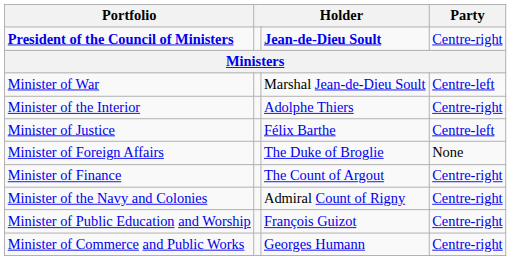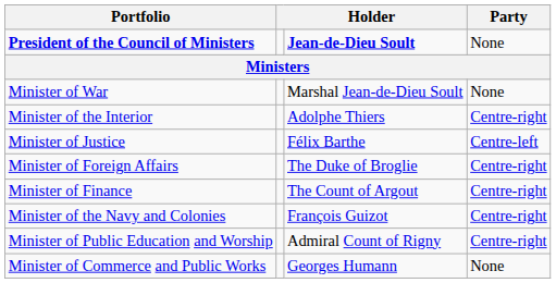 <table class="wikitable">
 <tr>
 <th>Portfolio</th>
 <th colspan=2>Holder</th>
 <th>Party</th>
 </tr>
 <tr>
 <td><strong><a href='#'>President of the Council of Ministers</a></strong></td>
 <td style="background:"></td>
 <td><strong><a href='#'>Jean-de-Dieu Soult</a></strong></td>
-<td><a href='#'>Centre-right</a></td>
+<td>None</td>
 </tr>
 <tr>
 <th colspan=4 align=center><a href='#'>Ministers</a></th>
 </tr>
 <tr>
 <td><a href='#'>Minister of War</a></td>
 <td style="background:"></td>
 <td>Marshal <a href='#'>Jean-de-Dieu Soult</a></td>
-<td><a href='#'>Centre-left</a></td>
+<td>None</td>
 </tr>
 <tr>
 <td><a href='#'>Minister of the Interior</a></td>
 <td style="background:"></td>
 <td><a href='#'>Adolphe Thiers</a></td>
 <td><a href='#'>Centre-right</a></td>
 </tr>
 <tr>
 <td><a href='#'>Minister of Justice</a></td>
 <td style="background:"></td>
 <td><a href='#'>Félix Barthe</a></td>
 <td><a href='#'>Centre-left</a></td>
 </tr>
 <tr>
 <td><a href='#'>Minister of Foreign Affairs</a></td>
 <td style="background:"></td>
 <td><a href='#'>The Duke of Broglie</a></td>
-<td>None</td>
+<td><a href='#'>Centre-right</a></td>
 </tr>
 <tr>
 <td><a href='#'>Minister of Finance</a></td>
 <td style="background:"></td>
 <td><a href='#'>The Count of Argout</a></td>
 <td><a href='#'>Centre-right</a></td>
 </tr>
 <tr>
 <td><a href='#'>Minister of the Navy and Colonies</a></td>
 <td style="background:"></td>
-<td>Admiral <a href='#'>Count of Rigny</a></td>
+<td><a href='#'>François Guizot</a></td>
 <td><a href='#'>Centre-right</a></td>
 </tr>
 <tr>
 <td><a href='#'>Minister of Public Education</a> <a href='#'>and Worship</a></td>
 <td style="background:"></td>
-<td><a href='#'>François Guizot</a></td>
+<td>Admiral <a href='#'>Count of Rigny</a></td>
 <td><a href='#'>Centre-right</a></td>
 </tr>
 <tr>
 <td><a href='#'>Minister of Commerce</a> <a href='#'>and Public Works</a></td>
 <td style="background:"></td>
 <td><a href='#'>Georges Humann</a></td>
-<td><a href='#'>Centre-right</a></td>
+<td>None</td>
 </tr>
 </table>
